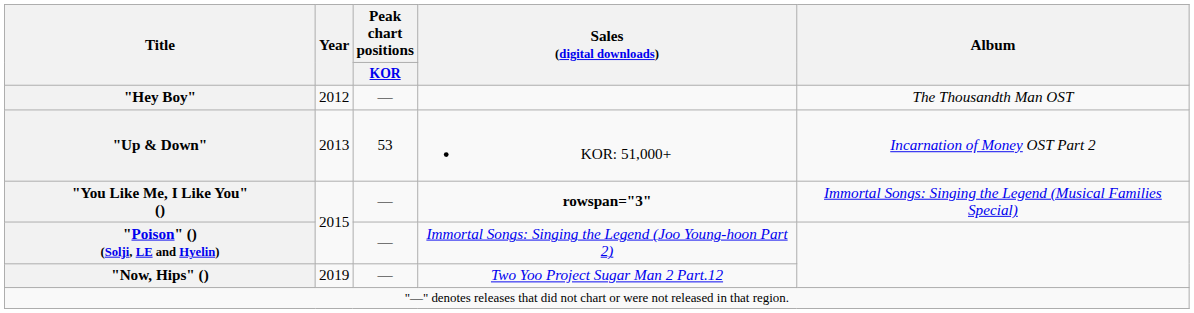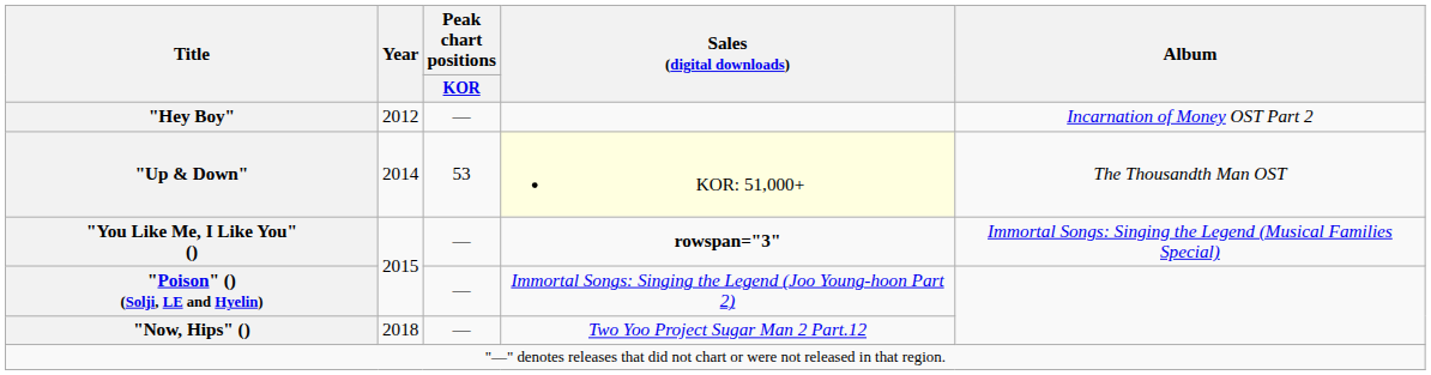 <table class="wikitable plainrowheaders" style="text-align:center">
 <tr>
 <th scope="col" rowspan="2" style="width:20em">Title</th>
 <th scope="col" rowspan="2">Year</th>
 <th scope="col">Peak<br>chart<br>positions</th>
 <th scope="col" rowspan="2">Sales<br><small>(<a href='#'>digital downloads</a>)</small></th>
 <th scope="col" rowspan="2">Album</th>
 </tr>
 <tr>
 <th scope="col" style="width:3em;font-size:90%"><a href='#'>KOR</a><br></th>
 </tr>
 <tr>
 <th scope="row">"Hey Boy"</th>
 <td>2012</td>
 <td>—</td>
 <td></td>
-<td><em>The Thousandth Man OST</em></td>
+<td><em><a href='#'>Incarnation of Money</a> OST Part 2</em></td>
 </tr>
 <tr>
 <th scope="row">"Up & Down"</th>
-<td>2013</td>
+<td>2014</td>
 <td>53</td>
-<td><br><ul><li>KOR: 51,000+</li></ul></td>
-<td><em><a href='#'>Incarnation of Money</a> OST Part 2</em></td>
+<td style="background: lightyellow;"><br><ul><li>KOR: 51,000+</li></ul></td>
+<td><em>The Thousandth Man OST</em></td>
 </tr>
 <tr>
 <th scope="row">"You Like Me, I Like You"<br>()</th>
 <td rowspan="2">2015</td>
 <td>—</td>
 <td><strong>rowspan="3" </strong></td>
 <td><em><a href='#'>Immortal Songs: Singing the Legend (Musical Families Special)</a></em></td>
 </tr>
 <tr>
 <th scope="row">"<a href='#'>Poison</a>" ()<br><small>(<a href='#'>Solji</a>, <a href='#'>LE</a> and <a href='#'>Hyelin</a>)</small></th>
 <td>—</td>
 <td><em><a href='#'>Immortal Songs: Singing the Legend (Joo Young-hoon Part 2)</a></em></td>
 </tr>
 <tr>
 <th scope="row">"Now, Hips" ()</th>
-<td>2019</td>
+<td>2018</td>
 <td>—</td>
 <td><em><a href='#'>Two Yoo Project Sugar Man 2 Part.12</a></em></td>
 </tr>
 <tr>
 <td colspan="5" style="font-size:85%">"—" denotes releases that did not chart or were not released in that region.</td>
 </tr>
 </table>
